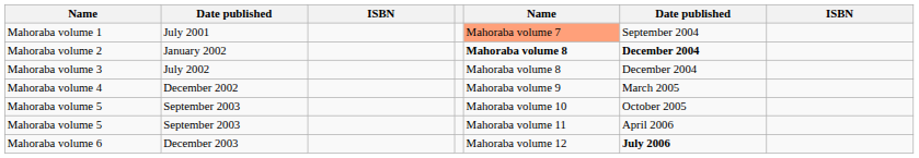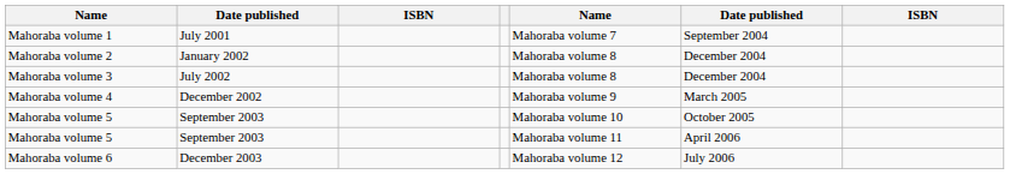 <table class="wikitable" width="98%">
 <tr>
 <th>Name</th>
 <th>Date published</th>
 <th>ISBN</th>
 <th></th>
 <th>Name</th>
 <th>Date published</th>
 <th>ISBN</th>
 </tr>
 <tr>
 <td width=17%>Mahoraba volume 1</td>
 <td width=16%>July 2001</td>
 <td width=16%></td>
 <td width=1%></td>
-<td width=17% style="background: lightsalmon;">Mahoraba volume 7</td>
+<td width=17%>Mahoraba volume 7</td>
 <td width=16%>September 2004</td>
 <td width=16%></td>
 </tr>
 <tr>
 <td>Mahoraba volume 2</td>
 <td>January 2002</td>
 <td></td>
 <td></td>
-<td><strong>Mahoraba volume 8</strong></td>
-<td><strong>December 2004</strong></td>
+<td>Mahoraba volume 8</td>
+<td>December 2004</td>
 <td></td>
 </tr>
 <tr>
 <td>Mahoraba volume 3</td>
 <td>July 2002</td>
 <td></td>
 <td></td>
 <td>Mahoraba volume 8 </td>
 <td>December 2004</td>
 <td></td>
 </tr>
 <tr>
 <td>Mahoraba volume 4</td>
 <td>December 2002</td>
 <td></td>
 <td></td>
 <td>Mahoraba volume 9</td>
 <td>March 2005</td>
 <td></td>
 </tr>
 <tr>
 <td>Mahoraba volume 5</td>
 <td>September 2003</td>
 <td></td>
 <td></td>
 <td>Mahoraba volume 10</td>
 <td>October 2005</td>
 <td></td>
 </tr>
 <tr>
 <td>Mahoraba volume 5 </td>
 <td>September 2003</td>
 <td></td>
 <td></td>
 <td>Mahoraba volume 11</td>
 <td>April 2006</td>
 <td></td>
 </tr>
 <tr>
 <td>Mahoraba volume 6</td>
 <td>December 2003</td>
 <td></td>
 <td></td>
 <td>Mahoraba volume 12</td>
-<td><strong>July 2006</strong></td>
+<td>July 2006</td>
 <td></td>
 </tr>
 </table>
